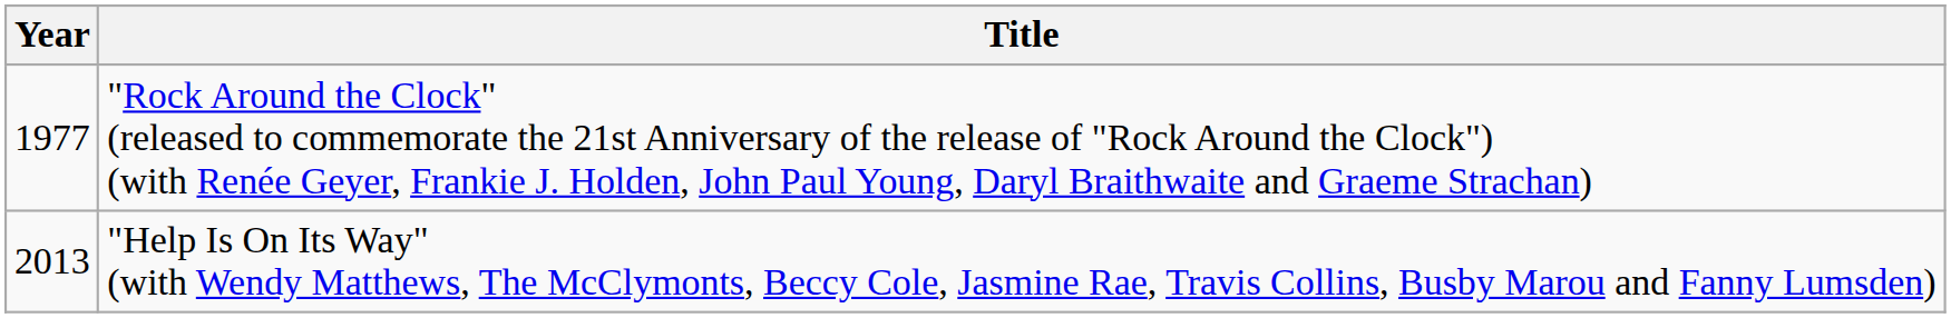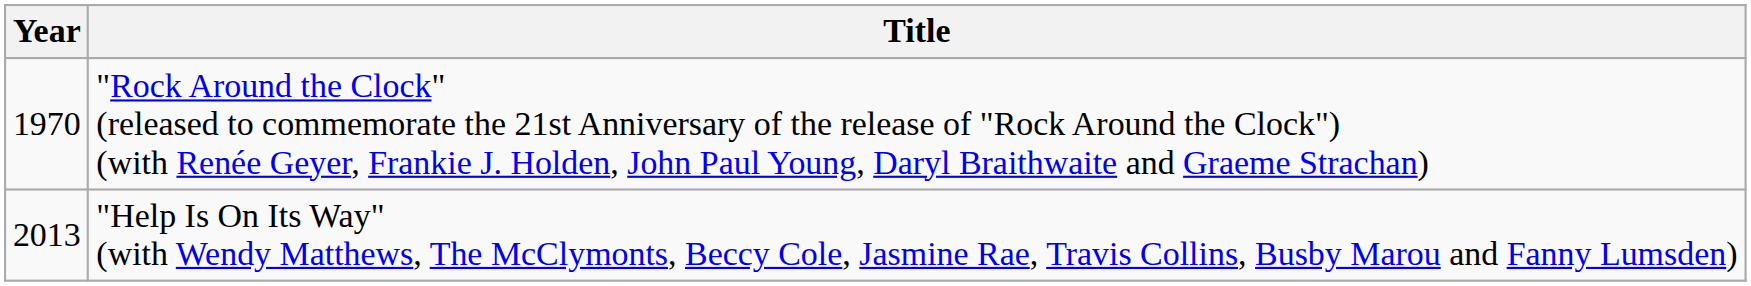 <table class="wikitable plainrowheaders" style="text-align:center;" border="1">
 <tr>
 <th>Year</th>
 <th>Title</th>
 </tr>
 <tr>
-<td>1977</td>
+<td>1970</td>
 <td align="left">"<a href='#'>Rock Around the Clock</a>"<br><span>(released to commemorate the 21st Anniversary of the release of "Rock Around the Clock")<br>(with <a href='#'>Renée Geyer</a>, <a href='#'>Frankie J. Holden</a>, <a href='#'>John Paul Young</a>, <a href='#'>Daryl Braithwaite</a> and <a href='#'>Graeme Strachan</a>)</span></td>
 </tr>
 <tr>
 <td>2013</td>
 <td align="left">"Help Is On Its Way" <br><span>(with <a href='#'>Wendy Matthews</a>, <a href='#'>The McClymonts</a>, <a href='#'>Beccy Cole</a>, <a href='#'>Jasmine Rae</a>, <a href='#'>Travis Collins</a>, <a href='#'>Busby Marou</a> and <a href='#'>Fanny Lumsden</a>)</span></td>
 </tr>
 </table>
